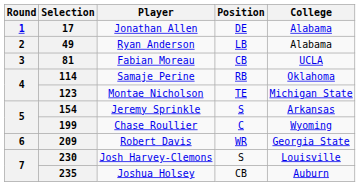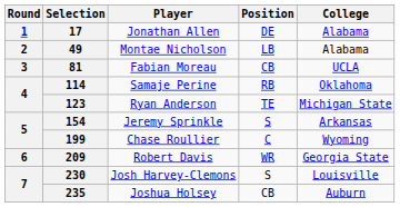 <table class="wikitable" style="text-align:center">
 <tr>
 <th>Round</th>
 <th>Selection</th>
 <th>Player</th>
 <th>Position</th>
 <th>College</th>
 </tr>
 <tr>
 <th><a href='#'>1</a></th>
 <th>17</th>
 <td><a href='#'>Jonathan Allen</a></td>
 <td><a href='#'>DE</a></td>
 <td><a href='#'>Alabama</a></td>
 </tr>
 <tr>
 <th>2</th>
 <th>49</th>
-<td><a href='#'>Ryan Anderson</a></td>
+<td><a href='#'>Montae Nicholson</a></td>
 <td><a href='#'>LB</a></td>
 <td>Alabama</td>
 </tr>
 <tr>
 <th>3</th>
 <th>81</th>
 <td><a href='#'>Fabian Moreau</a></td>
 <td><a href='#'>CB</a></td>
 <td><a href='#'>UCLA</a></td>
 </tr>
 <tr>
 <th rowspan=2>4</th>
 <th>114</th>
 <td><a href='#'>Samaje Perine</a></td>
 <td><a href='#'>RB</a></td>
 <td><a href='#'>Oklahoma</a></td>
 </tr>
 <tr>
 <th>123</th>
-<td><a href='#'>Montae Nicholson</a></td>
+<td><a href='#'>Ryan Anderson</a></td>
 <td><a href='#'>TE</a></td>
 <td><a href='#'>Michigan State</a></td>
 </tr>
 <tr>
 <th rowspan=2>5</th>
 <th>154</th>
 <td><a href='#'>Jeremy Sprinkle</a></td>
 <td><a href='#'>S</a></td>
 <td><a href='#'>Arkansas</a></td>
 </tr>
 <tr>
 <th>199</th>
 <td><a href='#'>Chase Roullier</a></td>
 <td><a href='#'>C</a></td>
 <td><a href='#'>Wyoming</a></td>
 </tr>
 <tr>
 <th>6</th>
 <th>209</th>
 <td><a href='#'>Robert Davis</a></td>
 <td><a href='#'>WR</a></td>
 <td><a href='#'>Georgia State</a></td>
 </tr>
 <tr>
 <th rowspan=2>7</th>
 <th>230</th>
 <td><a href='#'>Josh Harvey-Clemons</a></td>
 <td>S</td>
 <td><a href='#'>Louisville</a></td>
 </tr>
 <tr>
 <th>235</th>
 <td><a href='#'>Joshua Holsey</a></td>
 <td>CB</td>
 <td><a href='#'>Auburn</a></td>
 </tr>
 </table>
